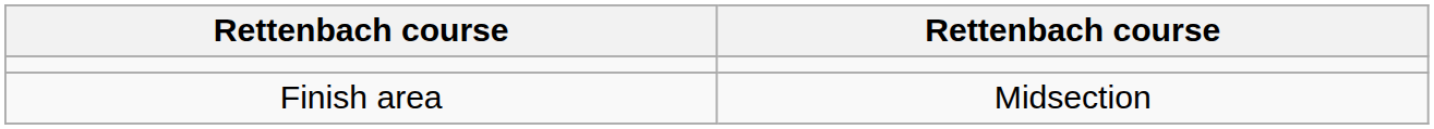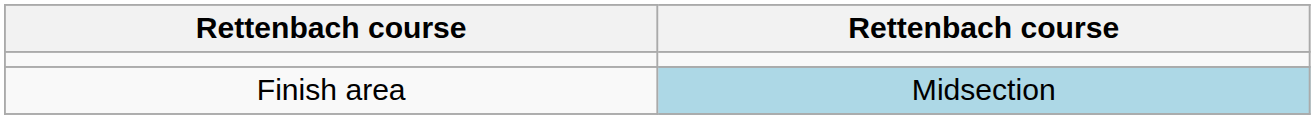 <table class="wikitable" style="text-align:center; width:55%; border:1px #AAAAFF solid">
 <tr>
 <th>Rettenbach course</th>
 <th>Rettenbach course</th>
 </tr>
 <tr>
 <td width=200></td>
 <td width=200></td>
 </tr>
 <tr>
 <td>Finish area</td>
-<td>Midsection</td>
+<td style="background: lightblue;">Midsection</td>
 </tr>
 </table>
